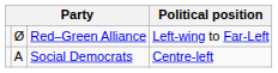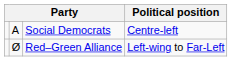 <table class="wikitable">
 <tr>
 <th colspan="3">Party</th>
 <th>Political position</th>
 </tr>
 <tr>
 <td></td>
+<td>A</td>
+<td><a href='#'>Social Democrats</a></td>
+<td><a href='#'>Centre-left</a></td>
+</tr>
+<tr>
+<td></td>
 <td>Ø</td>
 <td><a href='#'>Red–Green Alliance</a></td>
 <td><a href='#'>Left-wing</a> to  <a href='#'>Far-Left</a></td>
 </tr>
-<tr>
-<td></td>
-<td>A</td>
-<td><a href='#'>Social Democrats</a></td>
-<td><a href='#'>Centre-left</a></td>
-</tr>
 </table>
